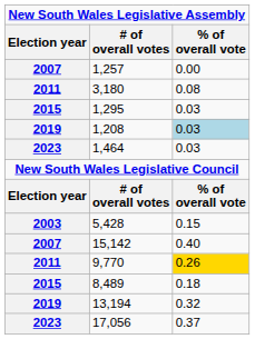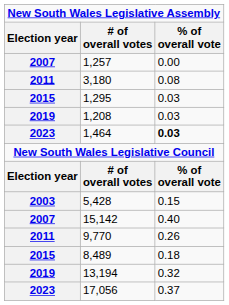 <table class=wikitable>
 <tr>
 <td colspan=5 style="text-align: center"><strong><a href='#'>New South Wales Legislative Assembly</a></strong></td>
 </tr>
 <tr>
 <th>Election year</th>
 <th># of<br>overall votes</th>
 <th>% of<br>overall vote</th>
 </tr>
 <tr>
 <th><a href='#'>2007</a></th>
 <td>1,257</td>
 <td>0.00</td>
 </tr>
 <tr>
 <th><a href='#'>2011</a></th>
 <td>3,180</td>
 <td>0.08</td>
 </tr>
 <tr>
 <th><a href='#'>2015</a></th>
 <td>1,295</td>
 <td>0.03</td>
 </tr>
 <tr>
 <th><a href='#'>2019</a></th>
 <td>1,208</td>
-<td style="background: lightblue;">0.03</td>
+<td>0.03</td>
 </tr>
 <tr>
 <th><a href='#'>2023</a></th>
 <td>1,464</td>
-<td>0.03</td>
+<td><strong>0.03</strong></td>
 </tr>
 <tr>
 <td colspan=5 style="text-align: center"><strong><a href='#'>New South Wales Legislative Council</a></strong></td>
 </tr>
 <tr>
 <th>Election year</th>
 <th># of<br>overall votes</th>
 <th>% of<br>overall vote</th>
 </tr>
 <tr>
 <th><a href='#'>2003</a></th>
 <td>5,428</td>
 <td>0.15</td>
 </tr>
 <tr>
 <th><a href='#'>2007</a></th>
 <td>15,142</td>
 <td>0.40</td>
 </tr>
 <tr>
 <th><a href='#'>2011</a></th>
 <td>9,770</td>
-<td style="background: gold;">0.26</td>
+<td>0.26</td>
 </tr>
 <tr>
 <th><a href='#'>2015</a></th>
 <td>8,489</td>
 <td>0.18</td>
 </tr>
 <tr>
 <th><a href='#'>2019</a></th>
 <td>13,194</td>
 <td>0.32</td>
 </tr>
 <tr>
 <th><a href='#'>2023</a></th>
 <td>17,056</td>
 <td>0.37</td>
 </tr>
 </table>
